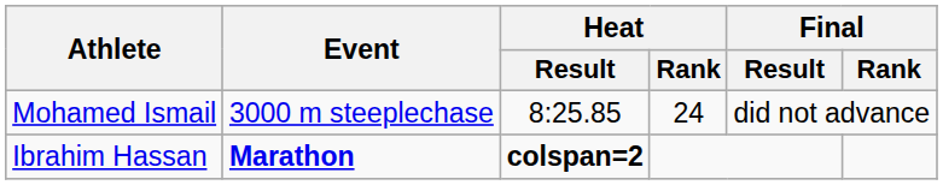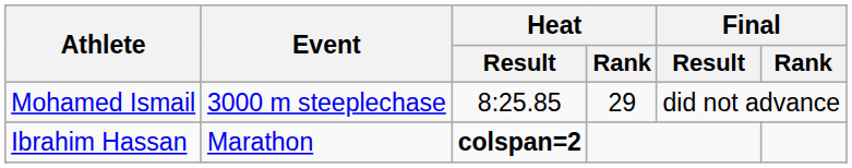 <table class=wikitable style=font-size:90%>
 <tr>
 <th rowspan=2>Athlete</th>
 <th rowspan=2>Event</th>
 <th colspan=2>Heat</th>
 <th colspan=2>Final</th>
 </tr>
 <tr style=font-size:95%>
 <th>Result</th>
 <th>Rank</th>
 <th>Result</th>
 <th>Rank</th>
 </tr>
 <tr align=center>
 <td align=left><a href='#'>Mohamed Ismail</a></td>
 <td align=left><a href='#'>3000 m steeplechase</a></td>
 <td>8:25.85</td>
-<td>24</td>
+<td>29</td>
 <td colspan=2>did not advance</td>
 </tr>
 <tr align=center>
 <td align=left><a href='#'>Ibrahim Hassan</a></td>
-<td align=left><strong><a href='#'>Marathon</a></strong></td>
+<td align=left><a href='#'>Marathon</a></td>
 <td><strong>colspan=2</strong></td>
 <td colspan=2></td>
 </tr>
 </table>
